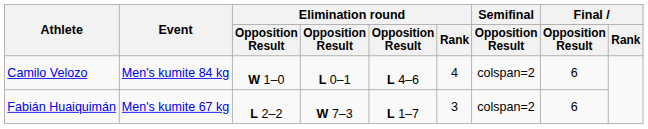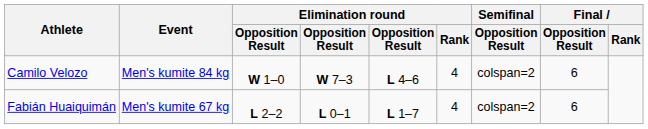 <table class=wikitable style=font-size:90%;text-align:center>
 <tr>
 <th rowspan=2>Athlete</th>
 <th rowspan=2>Event</th>
 <th colspan=4>Elimination round</th>
 <th>Semifinal</th>
 <th colspan=2>Final / </th>
 </tr>
 <tr style=font-size:95%>
 <th>Opposition<br>Result</th>
 <th>Opposition<br>Result</th>
 <th>Opposition<br>Result</th>
 <th>Rank</th>
 <th>Opposition<br>Result</th>
 <th>Opposition<br>Result</th>
 <th>Rank</th>
 </tr>
 <tr>
 <td align=left><a href='#'>Camilo Velozo</a></td>
 <td align=left><a href='#'>Men's kumite 84 kg</a></td>
 <td><br><strong>W</strong> 1–0</td>
-<td><br><strong>L</strong> 0–1</td>
+<td><br><strong>W</strong> 7–3</td>
 <td><br><strong>L</strong> 4–6</td>
 <td>4</td>
 <td>colspan=2 </td>
 <td>6</td>
 </tr>
 <tr>
 <td align=left><a href='#'>Fabián Huaiquimán</a></td>
 <td align=left><a href='#'>Men's kumite 67 kg</a></td>
 <td><br><strong>L</strong> 2–2</td>
-<td><br><strong>W</strong> 7–3</td>
+<td><br><strong>L</strong> 0–1</td>
 <td><br><strong>L</strong> 1–7</td>
-<td>3</td>
+<td>4</td>
 <td>colspan=2 </td>
 <td>6</td>
 </tr>
 </table>
